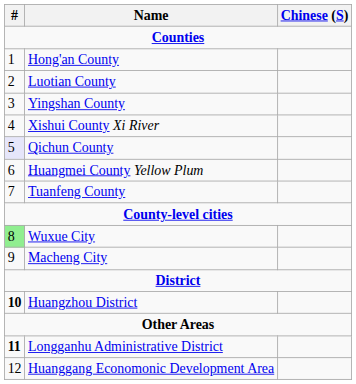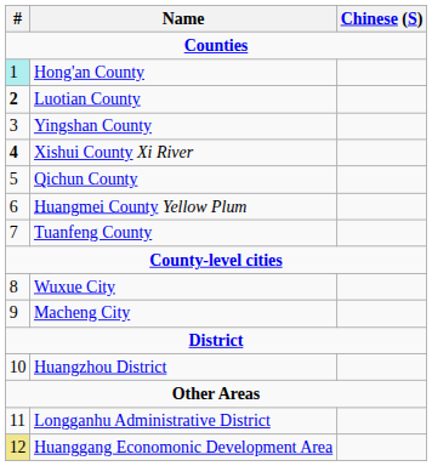 <table class="wikitable sortable">
 <tr>
 <th>#</th>
 <th>Name</th>
 <th><a href='#'>Chinese</a> (<a href='#'>S</a>)</th>
 </tr>
 <tr>
 <td style="text-align:center;" colspan="7"><strong><a href='#'>Counties</a></strong></td>
 </tr>
 <tr>
-<td>1</td>
+<td style="background: paleturquoise;">1</td>
 <td><a href='#'>Hong'an County</a></td>
 <td></td>
 </tr>
 <tr>
-<td>2</td>
+<td><strong>2</strong></td>
 <td><a href='#'>Luotian County</a></td>
 <td></td>
 </tr>
 <tr>
 <td>3</td>
 <td><a href='#'>Yingshan County</a></td>
 <td></td>
 </tr>
 <tr>
-<td>4</td>
+<td><strong>4</strong></td>
 <td><a href='#'>Xishui County</a> <em>Xi River</em></td>
 <td></td>
 </tr>
 <tr>
-<td style="background: lavender;">5</td>
+<td>5</td>
 <td><a href='#'>Qichun County</a></td>
 <td></td>
 </tr>
 <tr>
 <td>6</td>
 <td><a href='#'>Huangmei County</a> <em>Yellow Plum</em></td>
 <td></td>
 </tr>
 <tr>
 <td>7</td>
 <td><a href='#'>Tuanfeng County</a></td>
 <td></td>
 </tr>
 <tr>
 <td style="text-align:center;" colspan="7"><strong><a href='#'>County-level cities</a></strong></td>
 </tr>
 <tr>
-<td style="background: lightgreen;">8</td>
+<td>8</td>
 <td><a href='#'>Wuxue City</a></td>
 <td></td>
 </tr>
 <tr>
 <td>9</td>
 <td><a href='#'>Macheng City</a></td>
 <td></td>
 </tr>
 <tr>
 <td style="text-align:center;" colspan="7"><strong><a href='#'>District</a></strong></td>
 </tr>
 <tr>
-<td><strong>10</strong></td>
+<td>10</td>
 <td><a href='#'>Huangzhou District</a></td>
 <td></td>
 </tr>
 <tr>
 <td style="text-align:center;" colspan="7"><strong>Other Areas</strong></td>
 </tr>
 <tr>
-<td><strong>11</strong></td>
+<td>11</td>
 <td><a href='#'>Longganhu Administrative District</a></td>
 <td></td>
 </tr>
 <tr>
-<td>12</td>
+<td style="background: khaki;">12</td>
 <td><a href='#'>Huanggang Economonic Development Area</a></td>
 <td></td>
 </tr>
 </table>
